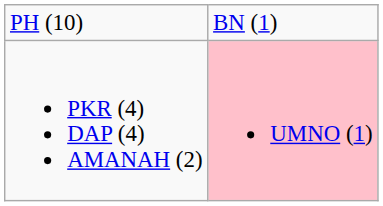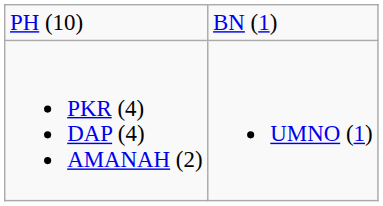 <table class="wikitable">
 <tr>
 <td> <a href='#'>PH</a> (10)</td>
 <td> <a href='#'>BN</a> (<a href='#'>1</a>)</td>
 </tr>
 <tr>
 <td><br><ul><li> <a href='#'>PKR</a> (4)</li><li> <a href='#'>DAP</a> (4)</li><li> <a href='#'>AMANAH</a> (2)</li></ul></td>
-<td style="background: pink;"><br><ul><li> <a href='#'>UMNO</a> (<a href='#'>1</a>)</li></ul></td>
+<td><br><ul><li> <a href='#'>UMNO</a> (<a href='#'>1</a>)</li></ul></td>
 </tr>
 </table>
